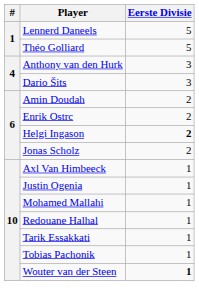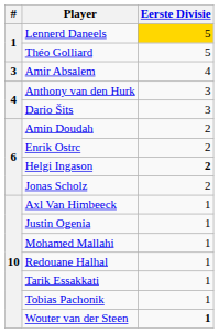 <table class="wikitable" style="text-align:right;">
 <tr>
 <th>#</th>
 <th>Player</th>
 <th><a href='#'>Eerste Divisie</a></th>
 </tr>
 <tr>
 <th rowspan=2 align=center>1</th>
 <td align=left> <a href='#'>Lennerd Daneels</a></td>
-<td>5</td>
+<td style="background: gold;">5</td>
 </tr>
 <tr>
 <td align=left> <a href='#'>Théo Golliard</a></td>
 <td>5</td>
+</tr>
+<tr>
+<th align=center>3</th>
+<td align=left> <a href='#'>Amir Absalem</a></td>
+<td>4</td>
 </tr>
 <tr>
 <th rowspan=2 align=center>4</th>
 <td align=left> <a href='#'>Anthony van den Hurk</a></td>
 <td>3</td>
 </tr>
 <tr>
 <td align=left> <a href='#'>Dario Šits</a></td>
 <td>3</td>
 </tr>
 <tr>
 <th align=center rowspan=4>6</th>
 <td align=left> <a href='#'>Amin Doudah</a></td>
 <td>2</td>
 </tr>
 <tr>
 <td align=left> <a href='#'>Enrik Ostrc</a></td>
 <td>2</td>
 </tr>
 <tr>
 <td align=left> <a href='#'>Helgi Ingason</a></td>
 <td><strong>2</strong></td>
 </tr>
 <tr>
 <td align=left> <a href='#'>Jonas Scholz</a></td>
 <td>2</td>
 </tr>
 <tr>
 <th align=center rowspan=7>10</th>
 <td align=left> <a href='#'>Axl Van Himbeeck</a></td>
 <td>1</td>
 </tr>
 <tr>
 <td align=left> <a href='#'>Justin Ogenia</a></td>
 <td>1</td>
 </tr>
 <tr>
 <td align=left> <a href='#'>Mohamed Mallahi</a></td>
 <td>1</td>
 </tr>
 <tr>
 <td align=left> <a href='#'>Redouane Halhal</a></td>
 <td>1</td>
 </tr>
 <tr>
 <td align=left> <a href='#'>Tarik Essakkati</a></td>
 <td>1</td>
 </tr>
 <tr>
 <td align=left> <a href='#'>Tobias Pachonik</a></td>
 <td>1</td>
 </tr>
 <tr>
 <td align=left> <a href='#'>Wouter van der Steen</a></td>
 <td><strong>1</strong></td>
 </tr>
 </table>
